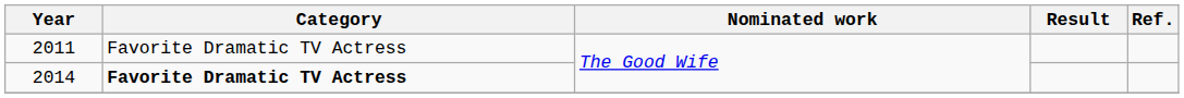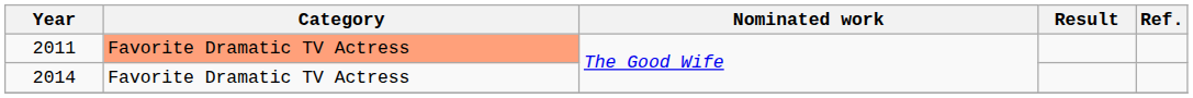 <table class=wikitable>
 <tr>
 <th scope="col" style="width:5em;">Year</th>
 <th scope="col" style="width:26em;">Category</th>
 <th scope="col" style="width:25em;">Nominated work</th>
 <th scope="col" style="width:5em;">Result</th>
 <th>Ref.</th>
 </tr>
 <tr>
 <td style="text-align:center;">2011</td>
-<td>Favorite Dramatic TV Actress</td>
+<td style="background: lightsalmon;">Favorite Dramatic TV Actress</td>
 <td rowspan="2"><em><a href='#'>The Good Wife</a></em></td>
 <td></td>
 <td></td>
 </tr>
 <tr>
 <td style="text-align:center;">2014</td>
-<td><strong>Favorite Dramatic TV Actress</strong></td>
+<td>Favorite Dramatic TV Actress</td>
 <td></td>
 <td></td>
 </tr>
 <tr>
 </tr>
 </table>
